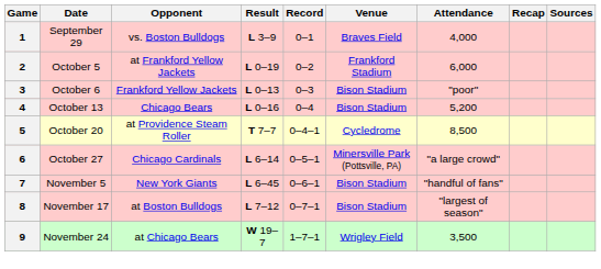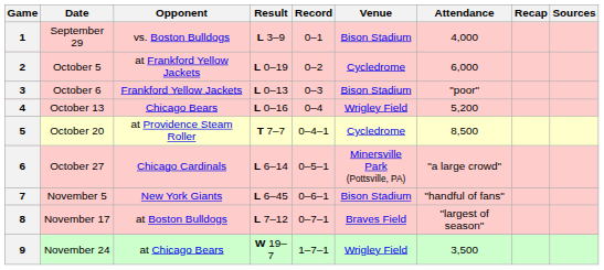 <table class="wikitable" style="text-align:center">
 <tr>
 <th>Game</th>
 <th>Date</th>
 <th>Opponent</th>
 <th>Result</th>
 <th>Record</th>
 <th>Venue</th>
 <th>Attendance</th>
 <th>Recap</th>
 <th>Sources</th>
 </tr>
 <tr style="background:#fcc">
 <th>1</th>
 <td>September 29</td>
 <td>vs. <a href='#'>Boston Bulldogs</a></td>
 <td><strong>L</strong> 3–9</td>
 <td>0–1</td>
-<td><a href='#'>Braves Field</a></td>
+<td><a href='#'>Bison Stadium</a></td>
 <td>4,000</td>
 <td></td>
 <td></td>
 </tr>
 <tr style="background:#fcc">
 <th>2</th>
 <td>October 5</td>
 <td>at <a href='#'>Frankford Yellow Jackets</a></td>
 <td><strong>L</strong> 0–19</td>
 <td>0–2</td>
-<td><a href='#'>Frankford Stadium</a></td>
+<td><a href='#'>Cycledrome</a></td>
 <td>6,000</td>
 <td></td>
 <td></td>
 </tr>
 <tr style="background:#fcc">
 <th>3</th>
 <td>October 6</td>
 <td><a href='#'>Frankford Yellow Jackets</a></td>
 <td><strong>L</strong> 0–13</td>
 <td>0–3</td>
 <td><a href='#'>Bison Stadium</a></td>
 <td>"poor"</td>
 <td></td>
 <td></td>
 </tr>
 <tr style="background:#fcc">
 <th>4</th>
 <td>October 13</td>
 <td><a href='#'>Chicago Bears</a></td>
 <td><strong>L</strong> 0–16</td>
 <td>0–4</td>
-<td><a href='#'>Bison Stadium</a></td>
+<td><a href='#'>Wrigley Field</a></td>
 <td>5,200</td>
 <td></td>
 <td></td>
 </tr>
 <tr style="background:#ffc">
 <th>5</th>
 <td>October 20</td>
 <td>at <a href='#'>Providence Steam Roller</a></td>
 <td><strong>T</strong> 7–7</td>
 <td>0–4–1</td>
 <td><a href='#'>Cycledrome</a></td>
 <td>8,500</td>
 <td></td>
 <td></td>
 </tr>
 <tr style="background:#fcc">
 <th>6</th>
 <td>October 27</td>
 <td><a href='#'>Chicago Cardinals</a></td>
 <td><strong>L</strong> 6–14</td>
 <td>0–5–1</td>
 <td><a href='#'>Minersville Park</a> <br><small>(Pottsville, PA)</small></td>
 <td>"a large crowd"</td>
 <td></td>
 <td></td>
 </tr>
 <tr style="background:#fcc">
 <th>7</th>
 <td>November 5</td>
 <td><a href='#'>New York Giants</a></td>
 <td><strong>L</strong> 6–45</td>
 <td>0–6–1</td>
 <td><a href='#'>Bison Stadium</a></td>
 <td>"handful of fans"</td>
 <td></td>
 <td></td>
 </tr>
 <tr style="background:#fcc">
 <th>8</th>
 <td>November 17</td>
 <td>at <a href='#'>Boston Bulldogs</a></td>
 <td><strong>L</strong> 7–12</td>
 <td>0–7–1</td>
-<td><a href='#'>Bison Stadium</a></td>
+<td><a href='#'>Braves Field</a></td>
 <td>"largest of season"</td>
 <td></td>
 <td></td>
 </tr>
 <tr style="background:#cfc">
 <th>9</th>
 <td>November 24</td>
 <td>at <a href='#'>Chicago Bears</a></td>
 <td><strong>W</strong> 19–7</td>
 <td>1–7–1</td>
 <td><a href='#'>Wrigley Field</a></td>
 <td>3,500</td>
 <td></td>
 <td></td>
 </tr>
 </table>
